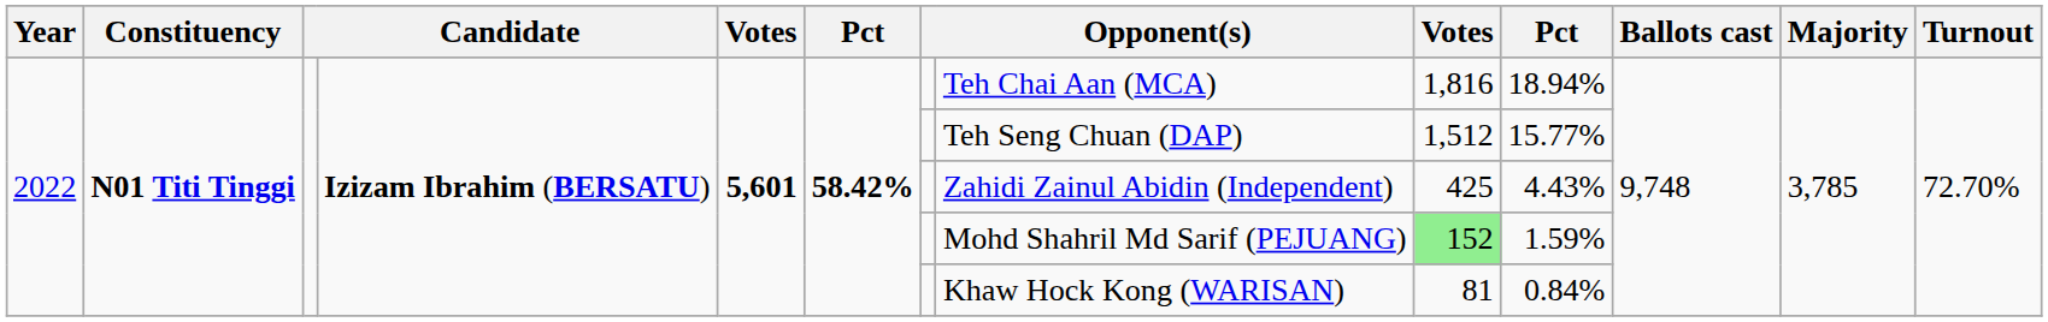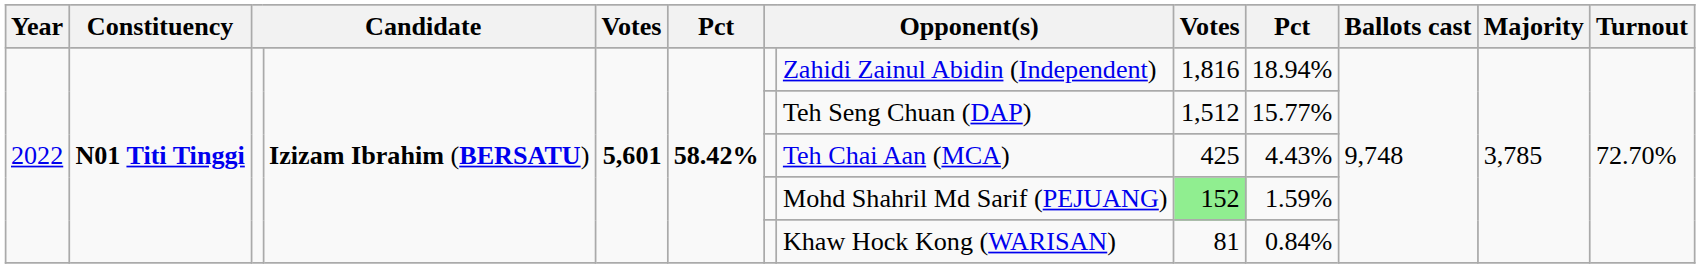 <table class="wikitable" style="margin:0.5em ; font-size:95%">
 <tr>
 <th>Year</th>
 <th>Constituency</th>
 <th colspan="2">Candidate</th>
 <th>Votes</th>
 <th>Pct</th>
 <th colspan="2">Opponent(s)</th>
 <th>Votes</th>
 <th>Pct</th>
 <th>Ballots cast</th>
 <th>Majority</th>
 <th>Turnout</th>
 </tr>
 <tr>
 <td rowspan="5"><a href='#'>2022</a></td>
 <td rowspan="5"><strong>N01 <a href='#'>Titi Tinggi</a></strong></td>
 <td rowspan="5" bgcolor=></td>
 <td rowspan="5"><strong>Izizam Ibrahim</strong> (<a href='#'><strong>BERSATU</strong></a>)</td>
 <td rowspan="5" align="right"><strong>5,601</strong></td>
 <td rowspan="5" align="right"><strong>58.42%</strong></td>
 <td></td>
-<td><a href='#'>Teh Chai Aan</a>  (<a href='#'>MCA</a>)</td>
+<td><a href='#'>Zahidi Zainul Abidin</a> (<a href='#'>Independent</a>)</td>
 <td align="right">1,816</td>
 <td align="right">18.94%</td>
 <td rowspan="5">9,748</td>
 <td rowspan="5">3,785</td>
 <td rowspan="5">72.70%</td>
 </tr>
 <tr>
 <td></td>
 <td>Teh Seng Chuan (<a href='#'>DAP</a>)</td>
 <td align="right">1,512</td>
 <td align="right">15.77%</td>
 </tr>
 <tr>
 <td></td>
-<td><a href='#'>Zahidi Zainul Abidin</a> (<a href='#'>Independent</a>)</td>
+<td><a href='#'>Teh Chai Aan</a>  (<a href='#'>MCA</a>)</td>
 <td align="right">425</td>
 <td align="right">4.43%</td>
 </tr>
 <tr>
 <td bgcolor=></td>
 <td>Mohd Shahril Md Sarif (<a href='#'>PEJUANG</a>)</td>
 <td align="right" style="background: lightgreen;">152</td>
 <td align="right">1.59%</td>
 </tr>
 <tr>
 <td></td>
 <td>Khaw Hock Kong (<a href='#'>WARISAN</a>)</td>
 <td align="right">81</td>
 <td align="right">0.84%</td>
 </tr>
 </table>
